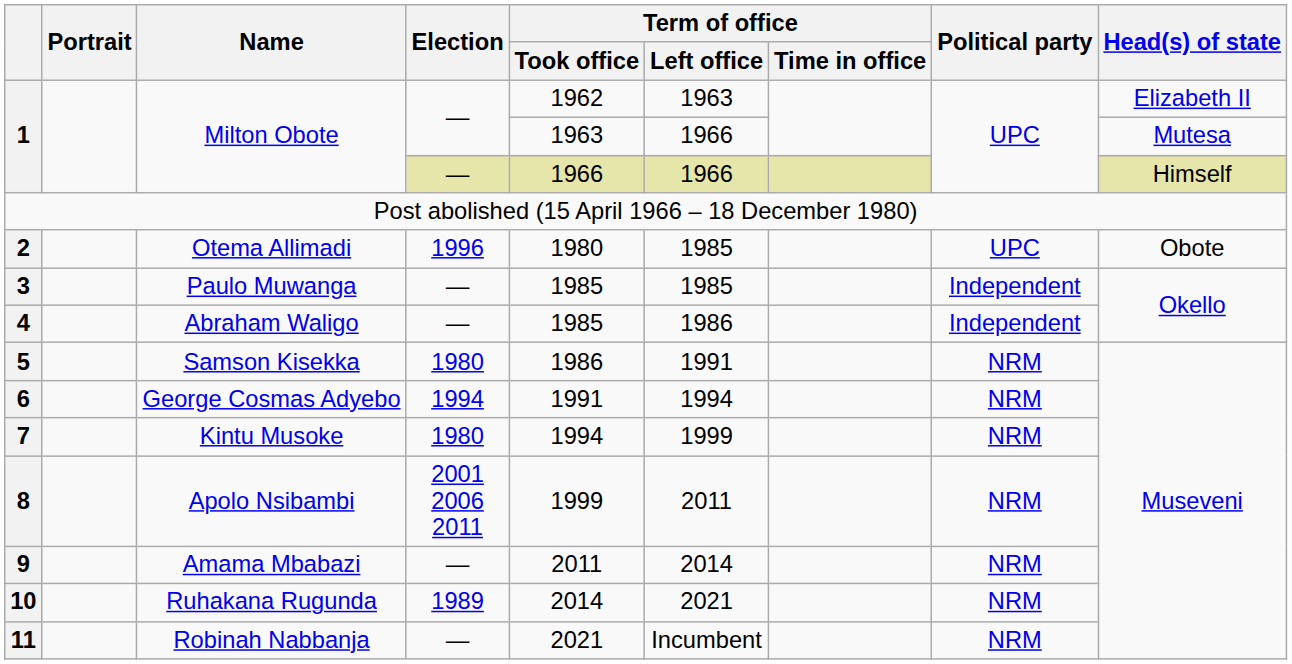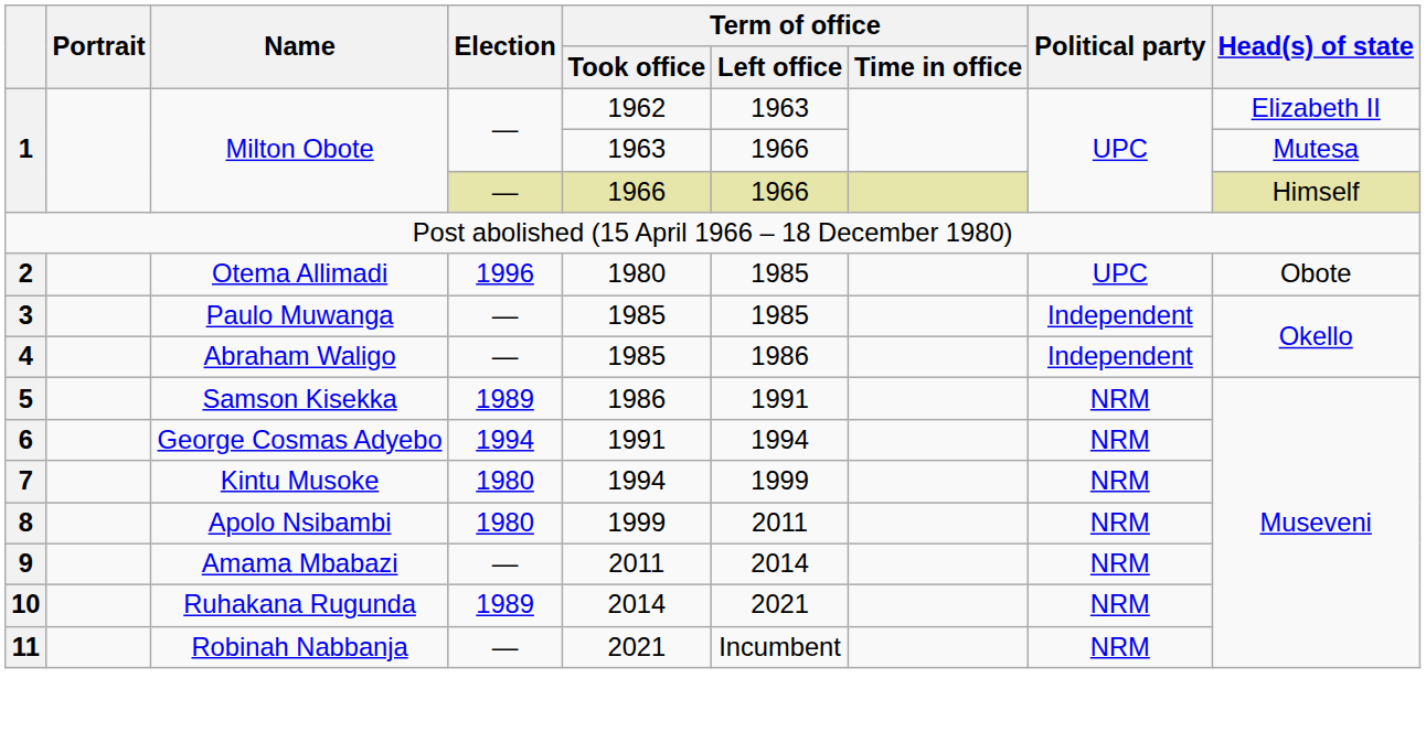 <table class="wikitable" style="text-align:center">
 <tr>
 <th rowspan="2"></th>
 <th rowspan="2">Portrait</th>
 <th rowspan="2">Name<br></th>
 <th rowspan="2">Election</th>
 <th colspan="3">Term of office</th>
 <th rowspan="2">Political party</th>
 <th rowspan="2"><a href='#'>Head(s) of state</a></th>
 </tr>
 <tr>
 <th>Took office</th>
 <th>Left office</th>
 <th>Time in office</th>
 </tr>
 <tr>
 <th rowspan=3 style="background:">1</th>
 <td rowspan=3></td>
 <td rowspan=3><a href='#'>Milton Obote</a><br></td>
 <td rowspan=2>—</td>
 <td> 1962</td>
 <td> 1963</td>
 <td rowspan=2></td>
 <td rowspan=3><a href='#'>UPC</a></td>
 <td><a href='#'>Elizabeth II</a></td>
 </tr>
 <tr>
 <td> 1963</td>
 <td> 1966</td>
 <td><a href='#'>Mutesa</a></td>
 </tr>
 <tr bgcolor=#E6E6AA>
 <td>—</td>
 <td> 1966</td>
 <td> 1966</td>
 <td></td>
 <td>Himself</td>
 </tr>
 <tr>
 <td colspan="9">Post abolished (15 April 1966 – 18 December 1980)</td>
 </tr>
 <tr>
 <th style="background:">2</th>
 <td></td>
 <td><a href='#'>Otema Allimadi</a><br></td>
 <td><a href='#'>1996</a></td>
 <td> 1980</td>
 <td> 1985<br></td>
 <td></td>
 <td><a href='#'>UPC</a></td>
 <td>Obote</td>
 </tr>
 <tr>
 <th style="background:">3</th>
 <td></td>
 <td><a href='#'>Paulo Muwanga</a><br></td>
 <td>—</td>
 <td> 1985</td>
 <td> 1985</td>
 <td></td>
 <td><a href='#'>Independent</a></td>
 <td rowspan=2><a href='#'>Okello</a></td>
 </tr>
 <tr>
 <th style="background:">4</th>
 <td></td>
 <td><a href='#'>Abraham Waligo</a><br></td>
 <td>—</td>
 <td> 1985</td>
 <td> 1986<br></td>
 <td></td>
 <td><a href='#'>Independent</a></td>
 </tr>
 <tr>
 <th style="background:">5</th>
 <td></td>
 <td><a href='#'>Samson Kisekka</a><br></td>
-<td><a href='#'>1980</a></td>
+<td><a href='#'>1989</a></td>
 <td> 1986</td>
 <td> 1991</td>
 <td></td>
 <td><a href='#'>NRM</a></td>
 <td rowspan=7><a href='#'>Museveni</a></td>
 </tr>
 <tr>
 <th style="background:">6</th>
 <td></td>
 <td><a href='#'>George Cosmas Adyebo</a><br></td>
 <td><a href='#'>1994</a></td>
 <td> 1991</td>
 <td> 1994</td>
 <td></td>
 <td><a href='#'>NRM</a></td>
 </tr>
 <tr>
 <th style="background:">7</th>
 <td></td>
 <td><a href='#'>Kintu Musoke</a><br></td>
 <td><a href='#'>1980</a></td>
 <td> 1994</td>
 <td> 1999</td>
 <td></td>
 <td><a href='#'>NRM</a></td>
 </tr>
 <tr>
 <th style="background:">8</th>
 <td></td>
 <td><a href='#'>Apolo Nsibambi</a><br></td>
-<td><a href='#'>2001</a><br><a href='#'>2006</a><br><a href='#'>2011</a></td>
+<td><a href='#'>1980</a></td>
 <td> 1999</td>
 <td> 2011</td>
 <td></td>
 <td><a href='#'>NRM</a></td>
 </tr>
 <tr>
 <th style="background:">9</th>
 <td></td>
 <td><a href='#'>Amama Mbabazi</a><br></td>
 <td>—</td>
 <td> 2011</td>
 <td> 2014</td>
 <td></td>
 <td><a href='#'>NRM</a></td>
 </tr>
 <tr>
 <th style="background:">10</th>
 <td></td>
 <td><a href='#'>Ruhakana Rugunda</a><br></td>
 <td><a href='#'>1989</a></td>
 <td> 2014</td>
 <td> 2021</td>
 <td></td>
 <td><a href='#'>NRM</a></td>
 </tr>
 <tr>
 <th style="background:">11</th>
 <td></td>
 <td><a href='#'>Robinah Nabbanja</a><br></td>
 <td>—</td>
 <td> 2021</td>
 <td>Incumbent</td>
 <td></td>
 <td><a href='#'>NRM</a></td>
 </tr>
 </table>
